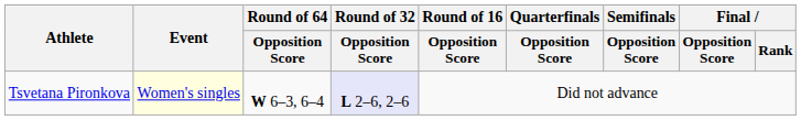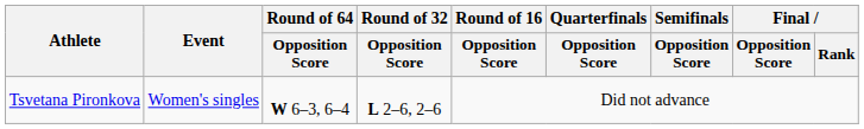 <table class=wikitable style="font-size:90%">
 <tr>
 <th rowspan="2">Athlete</th>
 <th rowspan="2">Event</th>
 <th>Round of 64</th>
 <th>Round of 32</th>
 <th>Round of 16</th>
 <th>Quarterfinals</th>
 <th>Semifinals</th>
 <th colspan=2>Final / </th>
 </tr>
 <tr style="font-size:95%">
 <th>Opposition<br>Score</th>
 <th>Opposition<br>Score</th>
 <th>Opposition<br>Score</th>
 <th>Opposition<br>Score</th>
 <th>Opposition<br>Score</th>
 <th>Opposition<br>Score</th>
 <th>Rank</th>
 </tr>
 <tr align=center>
 <td align=left><a href='#'>Tsvetana Pironkova</a></td>
-<td align=left style="background: lightyellow;"><a href='#'>Women's singles</a></td>
+<td align=left><a href='#'>Women's singles</a></td>
 <td><br><strong>W</strong> 6–3, 6–4</td>
-<td style="background: lavender;"><br><strong>L</strong> 2–6, 2–6</td>
+<td><br><strong>L</strong> 2–6, 2–6</td>
 <td colspan=5>Did not advance</td>
 </tr>
 </table>
